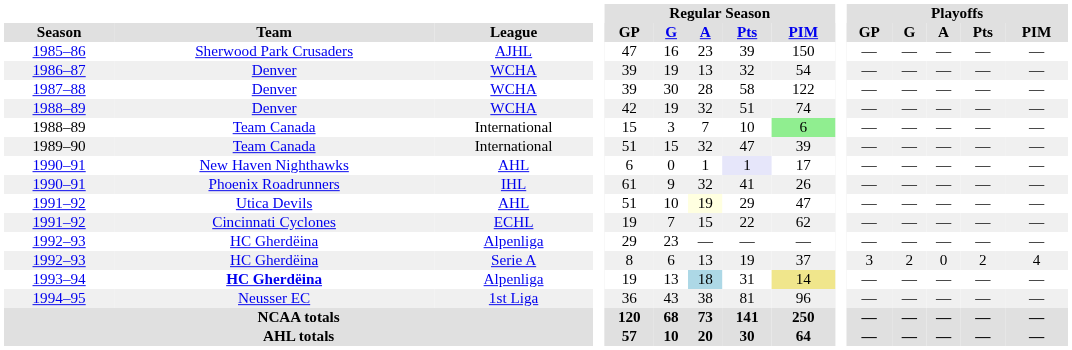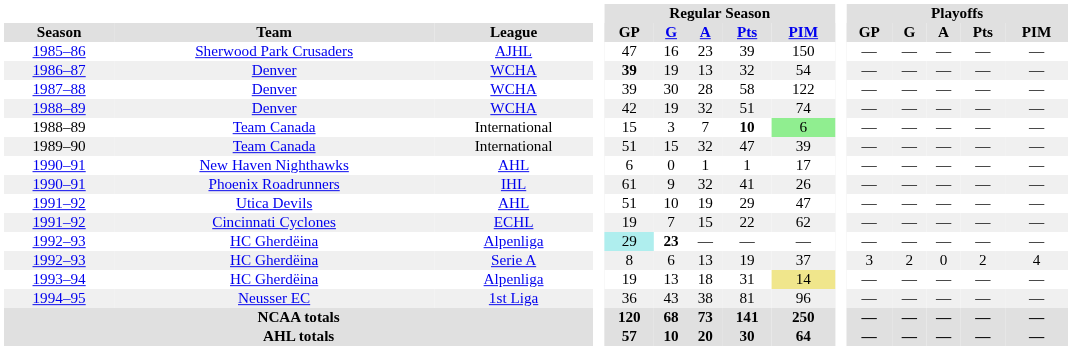 <table border="0" cellpadding="1" cellspacing="0" style="text-align:center; width:70em">
 <tr bgcolor="#e0e0e0">
 <th colspan="3"  bgcolor="#ffffff"> </th>
 <th rowspan="99" bgcolor="#ffffff"> </th>
 <th colspan="5">Regular Season</th>
 <th rowspan="99" bgcolor="#ffffff"> </th>
 <th colspan="5">Playoffs</th>
 </tr>
 <tr bgcolor="#e0e0e0">
 <th>Season</th>
 <th>Team</th>
 <th>League</th>
 <th>GP</th>
 <th><a href='#'>G</a></th>
 <th><a href='#'>A</a></th>
 <th><a href='#'>Pts</a></th>
 <th><a href='#'>PIM</a></th>
 <th>GP</th>
 <th>G</th>
 <th>A</th>
 <th>Pts</th>
 <th>PIM</th>
 </tr>
 <tr>
 <td><a href='#'>1985–86</a></td>
 <td><a href='#'>Sherwood Park Crusaders </a></td>
 <td><a href='#'>AJHL</a></td>
 <td>47</td>
 <td>16</td>
 <td>23</td>
 <td>39</td>
 <td>150</td>
 <td>—</td>
 <td>—</td>
 <td>—</td>
 <td>—</td>
 <td>—</td>
 </tr>
 <tr bgcolor="f0f0f0">
 <td><a href='#'>1986–87</a></td>
 <td><a href='#'>Denver</a></td>
 <td><a href='#'>WCHA</a></td>
-<td>39</td>
+<td><strong>39</strong></td>
 <td>19</td>
 <td>13</td>
 <td>32</td>
 <td>54</td>
 <td>—</td>
 <td>—</td>
 <td>—</td>
 <td>—</td>
 <td>—</td>
 </tr>
 <tr>
 <td><a href='#'>1987–88</a></td>
 <td><a href='#'>Denver</a></td>
 <td><a href='#'>WCHA</a></td>
 <td>39</td>
 <td>30</td>
 <td>28</td>
 <td>58</td>
 <td>122</td>
 <td>—</td>
 <td>—</td>
 <td>—</td>
 <td>—</td>
 <td>—</td>
 </tr>
 <tr bgcolor="f0f0f0">
 <td><a href='#'>1988–89</a></td>
 <td><a href='#'>Denver</a></td>
 <td><a href='#'>WCHA</a></td>
 <td>42</td>
 <td>19</td>
 <td>32</td>
 <td>51</td>
 <td>74</td>
 <td>—</td>
 <td>—</td>
 <td>—</td>
 <td>—</td>
 <td>—</td>
 </tr>
 <tr>
 <td>1988–89</td>
 <td><a href='#'>Team Canada</a></td>
 <td>International</td>
 <td>15</td>
 <td>3</td>
 <td>7</td>
-<td>10</td>
+<td><strong>10</strong></td>
 <td style="background: lightgreen;">6</td>
 <td>—</td>
 <td>—</td>
 <td>—</td>
 <td>—</td>
 <td>—</td>
 </tr>
 <tr bgcolor="f0f0f0">
 <td>1989–90</td>
 <td><a href='#'>Team Canada</a></td>
 <td>International</td>
 <td>51</td>
 <td>15</td>
 <td>32</td>
 <td>47</td>
 <td>39</td>
 <td>—</td>
 <td>—</td>
 <td>—</td>
 <td>—</td>
 <td>—</td>
 </tr>
 <tr>
 <td><a href='#'>1990–91</a></td>
 <td><a href='#'>New Haven Nighthawks</a></td>
 <td><a href='#'>AHL</a></td>
 <td>6</td>
 <td>0</td>
 <td>1</td>
-<td style="background: lavender;">1</td>
+<td>1</td>
 <td>17</td>
 <td>—</td>
 <td>—</td>
 <td>—</td>
 <td>—</td>
 <td>—</td>
 </tr>
 <tr bgcolor="f0f0f0">
 <td><a href='#'>1990–91</a></td>
 <td><a href='#'>Phoenix Roadrunners</a></td>
 <td><a href='#'>IHL</a></td>
 <td>61</td>
 <td>9</td>
 <td>32</td>
 <td>41</td>
 <td>26</td>
 <td>—</td>
 <td>—</td>
 <td>—</td>
 <td>—</td>
 <td>—</td>
 </tr>
 <tr>
 <td><a href='#'>1991–92</a></td>
 <td><a href='#'>Utica Devils</a></td>
 <td><a href='#'>AHL</a></td>
 <td>51</td>
 <td>10</td>
-<td style="background: lightyellow;">19</td>
+<td>19</td>
 <td>29</td>
 <td>47</td>
 <td>—</td>
 <td>—</td>
 <td>—</td>
 <td>—</td>
 <td>—</td>
 </tr>
 <tr bgcolor="f0f0f0">
 <td><a href='#'>1991–92</a></td>
 <td><a href='#'>Cincinnati Cyclones</a></td>
 <td><a href='#'>ECHL</a></td>
 <td>19</td>
 <td>7</td>
 <td>15</td>
 <td>22</td>
 <td>62</td>
 <td>—</td>
 <td>—</td>
 <td>—</td>
 <td>—</td>
 <td>—</td>
 </tr>
 <tr>
 <td><a href='#'>1992–93</a></td>
 <td><a href='#'>HC Gherdëina</a></td>
 <td><a href='#'>Alpenliga</a></td>
-<td>29</td>
-<td>23</td>
+<td style="background: paleturquoise;">29</td>
+<td><strong>23</strong></td>
 <td>—</td>
 <td>—</td>
 <td>—</td>
 <td>—</td>
 <td>—</td>
 <td>—</td>
 <td>—</td>
 <td>—</td>
 </tr>
 <tr bgcolor="f0f0f0">
 <td><a href='#'>1992–93</a></td>
 <td><a href='#'>HC Gherdëina</a></td>
 <td><a href='#'>Serie A</a></td>
 <td>8</td>
 <td>6</td>
 <td>13</td>
 <td>19</td>
 <td>37</td>
 <td>3</td>
 <td>2</td>
 <td>0</td>
 <td>2</td>
 <td>4</td>
 </tr>
 <tr>
 <td><a href='#'>1993–94</a></td>
-<td><strong><a href='#'>HC Gherdëina</a></strong></td>
+<td><a href='#'>HC Gherdëina</a></td>
 <td><a href='#'>Alpenliga</a></td>
 <td>19</td>
 <td>13</td>
-<td style="background: lightblue;">18</td>
+<td>18</td>
 <td>31</td>
 <td style="background: khaki;">14</td>
 <td>—</td>
 <td>—</td>
 <td>—</td>
 <td>—</td>
 <td>—</td>
 </tr>
 <tr bgcolor="f0f0f0">
 <td><a href='#'>1994–95</a></td>
 <td><a href='#'>Neusser EC</a></td>
 <td><a href='#'>1st Liga</a></td>
 <td>36</td>
 <td>43</td>
 <td>38</td>
 <td>81</td>
 <td>96</td>
 <td>—</td>
 <td>—</td>
 <td>—</td>
 <td>—</td>
 <td>—</td>
 </tr>
 <tr bgcolor="#e0e0e0">
 <th colspan="3">NCAA totals</th>
 <th>120</th>
 <th>68</th>
 <th>73</th>
 <th>141</th>
 <th>250</th>
 <th>—</th>
 <th>—</th>
 <th>—</th>
 <th>—</th>
 <th>—</th>
 </tr>
 <tr bgcolor="#e0e0e0">
 <th colspan="3">AHL totals</th>
 <th>57</th>
 <th>10</th>
 <th>20</th>
 <th>30</th>
 <th>64</th>
 <th>—</th>
 <th>—</th>
 <th>—</th>
 <th>—</th>
 <th>—</th>
 </tr>
 </table>
